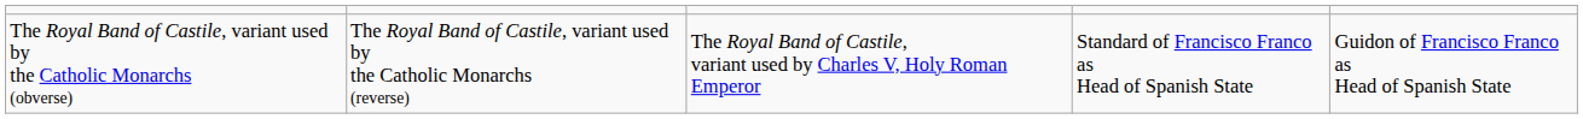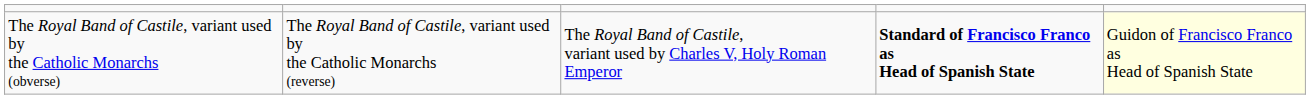 <table class="wikitable" style="margin:1em auto;">
 <tr>
 <td></td>
 <td></td>
 <td></td>
 <td></td>
 <td></td>
 </tr>
 <tr>
 <td>The <em>Royal Band of Castile</em>, variant used by <br>the <a href='#'>Catholic Monarchs</a><small><br>(obverse)</small></td>
 <td>The <em>Royal Band of Castile</em>, variant used by <br>the Catholic Monarchs<small><br>(reverse)</small></td>
 <td>The <em>Royal Band of Castile</em>,<br> variant used by <a href='#'>Charles V, Holy Roman Emperor</a></td>
-<td>Standard of <a href='#'>Francisco Franco</a> as<br> Head of Spanish State</td>
-<td>Guidon of <a href='#'>Francisco Franco</a> as<br> Head of Spanish State</td>
+<td><strong>Standard of <a href='#'>Francisco Franco</a> as<br> Head of Spanish State</strong></td>
+<td style="background: lightyellow;">Guidon of <a href='#'>Francisco Franco</a> as<br> Head of Spanish State</td>
 </tr>
 </table>
